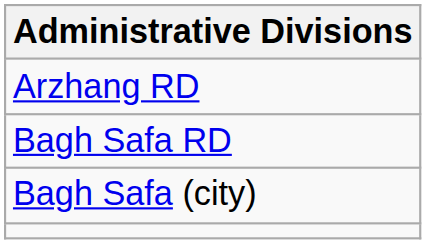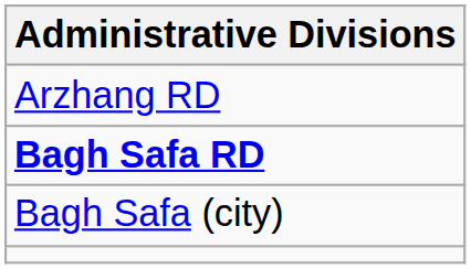 <table class="wikitable">
 <tr>
 <th>Administrative Divisions</th>
 </tr>
 <tr>
 <td><a href='#'>Arzhang RD</a></td>
 </tr>
 <tr>
-<td><a href='#'>Bagh Safa RD</a></td>
+<td><strong><a href='#'>Bagh Safa RD</a></strong></td>
 </tr>
 <tr>
 <td><a href='#'>Bagh Safa</a> (city)</td>
 </tr>
 <tr>
 <td colspan=1></td>
 </tr>
 </table>
